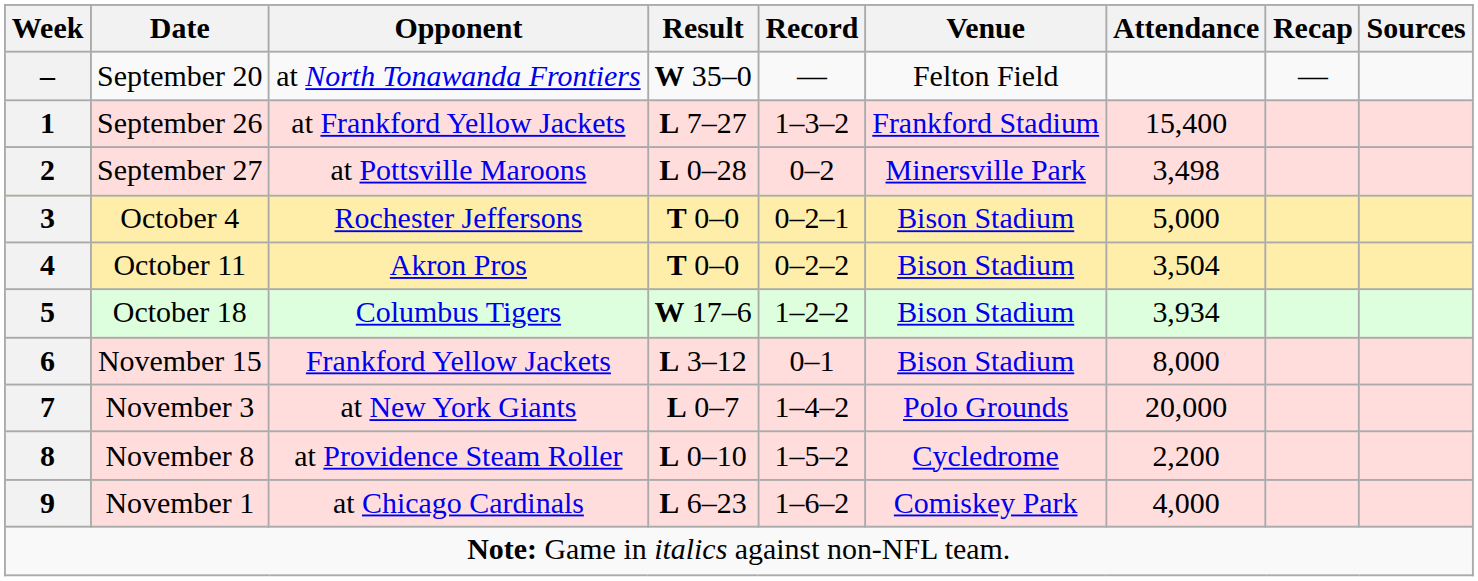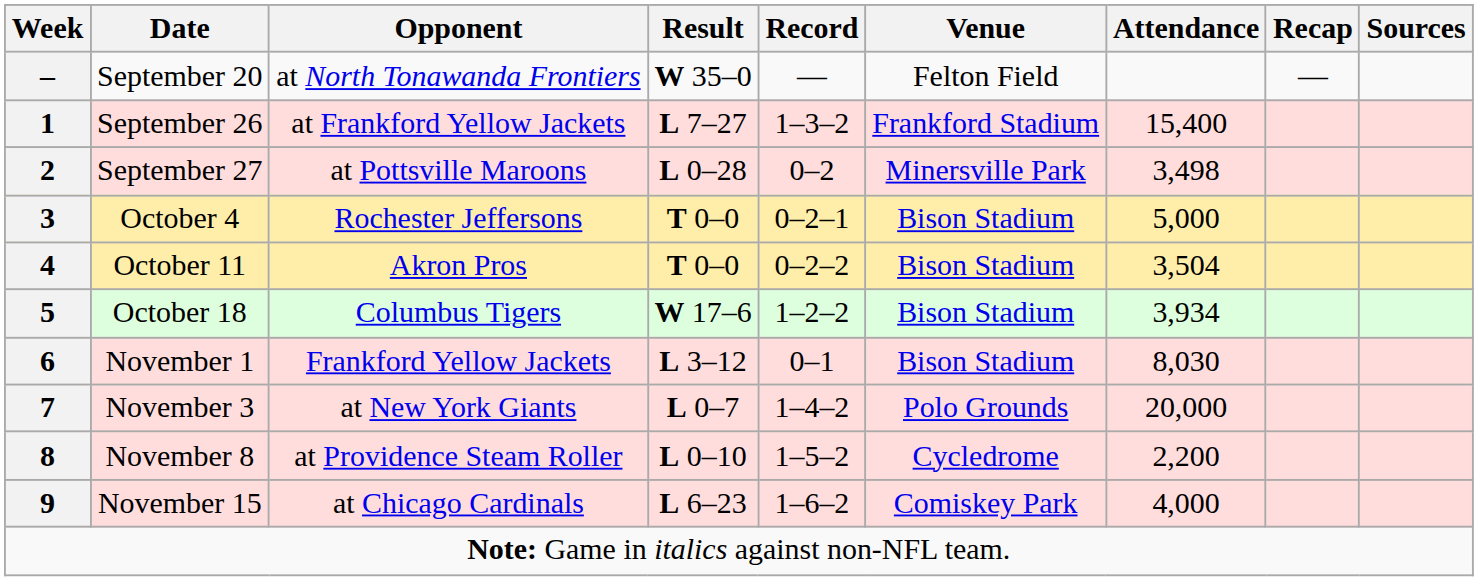 <table class="wikitable" style="text-align:center">
 <tr>
 <th>Week</th>
 <th>Date</th>
 <th>Opponent</th>
 <th>Result</th>
 <th>Record</th>
 <th>Venue</th>
 <th>Attendance</th>
 <th>Recap</th>
 <th>Sources</th>
 </tr>
 <tr>
 <th>–</th>
 <td>September 20</td>
 <td>at <em><a href='#'>North Tonawanda Frontiers</a></em></td>
 <td><strong>W</strong> 35–0</td>
 <td>—</td>
 <td>Felton Field</td>
 <td></td>
 <td>—</td>
 <td></td>
 </tr>
 <tr style="background: #ffdddd;">
 <th>1</th>
 <td>September 26</td>
 <td>at <a href='#'>Frankford Yellow Jackets</a></td>
 <td><strong>L</strong> 7–27</td>
 <td>1–3–2</td>
 <td><a href='#'>Frankford Stadium</a></td>
 <td>15,400</td>
 <td></td>
 <td></td>
 </tr>
 <tr style="background: #ffdddd;">
 <th>2</th>
 <td>September 27</td>
 <td>at <a href='#'>Pottsville Maroons</a></td>
 <td><strong>L</strong> 0–28</td>
 <td>0–2</td>
 <td><a href='#'>Minersville Park</a></td>
 <td>3,498</td>
 <td></td>
 <td></td>
 </tr>
 <tr style="background: #ffeeaa;">
 <th>3</th>
 <td>October 4</td>
 <td><a href='#'>Rochester Jeffersons</a></td>
 <td><strong>T</strong> 0–0</td>
 <td>0–2–1</td>
 <td><a href='#'>Bison Stadium</a></td>
 <td>5,000</td>
 <td></td>
 <td></td>
 </tr>
 <tr style="background: #ffeeaa;">
 <th>4</th>
 <td>October 11</td>
 <td><a href='#'>Akron Pros</a></td>
 <td><strong>T</strong> 0–0</td>
 <td>0–2–2</td>
 <td><a href='#'>Bison Stadium</a></td>
 <td>3,504</td>
 <td></td>
 <td></td>
 </tr>
 <tr style="background: #ddffdd;">
 <th>5</th>
 <td>October 18</td>
 <td><a href='#'>Columbus Tigers</a></td>
 <td><strong>W</strong> 17–6</td>
 <td>1–2–2</td>
 <td><a href='#'>Bison Stadium</a></td>
 <td>3,934</td>
 <td></td>
 <td></td>
 </tr>
 <tr style="background: #ffdddd;">
 <th>6</th>
-<td>November 15</td>
+<td>November 1</td>
 <td><a href='#'>Frankford Yellow Jackets</a></td>
 <td><strong>L</strong> 3–12</td>
 <td>0–1</td>
 <td><a href='#'>Bison Stadium</a></td>
-<td>8,000</td>
+<td>8,030</td>
 <td></td>
 <td></td>
 </tr>
 <tr style="background: #ffdddd;">
 <th>7</th>
 <td>November 3</td>
 <td>at <a href='#'>New York Giants</a></td>
 <td><strong>L</strong> 0–7</td>
 <td>1–4–2</td>
 <td><a href='#'>Polo Grounds</a></td>
 <td>20,000</td>
 <td></td>
 <td></td>
 </tr>
 <tr style="background: #ffdddd;">
 <th>8</th>
 <td>November 8</td>
 <td>at <a href='#'>Providence Steam Roller</a></td>
 <td><strong>L</strong> 0–10</td>
 <td>1–5–2</td>
 <td><a href='#'>Cycledrome</a></td>
 <td>2,200</td>
 <td></td>
 <td></td>
 </tr>
 <tr style="background: #ffdddd;">
 <th>9</th>
-<td>November 1</td>
+<td>November 15</td>
 <td>at <a href='#'>Chicago Cardinals</a></td>
 <td><strong>L</strong> 6–23</td>
 <td>1–6–2</td>
 <td><a href='#'>Comiskey Park</a></td>
 <td>4,000</td>
 <td></td>
 <td></td>
 </tr>
 <tr>
 <td colspan="10"><strong>Note:</strong> Game in <em>italics</em> against non-NFL team.</td>
 </tr>
 </table>
